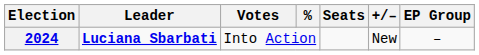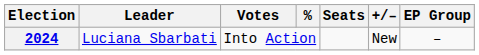 <table class="wikitable" style="text-align:center">
 <tr>
 <th>Election</th>
 <th>Leader</th>
 <th>Votes</th>
 <th>%</th>
 <th>Seats</th>
 <th>+/–</th>
 <th>EP Group</th>
 </tr>
 <tr>
 <th><a href='#'>2024</a></th>
-<td><strong><a href='#'>Luciana Sbarbati</a></strong></td>
+<td><a href='#'>Luciana Sbarbati</a></td>
 <td colspan="2">Into <a href='#'>Action</a></td>
 <td></td>
 <td>New</td>
 <td>–</td>
 </tr>
 </table>
